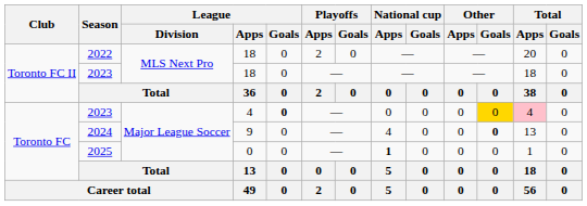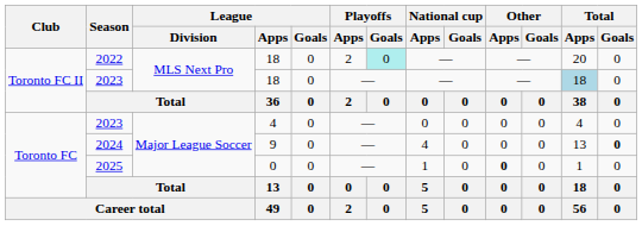 <table class="wikitable" style="text-align: center">
 <tr>
 <th rowspan="2">Club</th>
 <th rowspan="2">Season</th>
 <th colspan="3">League</th>
 <th colspan="2">Playoffs</th>
 <th colspan="2">National cup</th>
 <th colspan="2">Other</th>
 <th colspan="2">Total</th>
 </tr>
 <tr>
 <th>Division</th>
 <th>Apps</th>
 <th>Goals</th>
 <th>Apps</th>
 <th>Goals</th>
 <th>Apps</th>
 <th>Goals</th>
 <th>Apps</th>
 <th>Goals</th>
 <th>Apps</th>
 <th>Goals</th>
 </tr>
 <tr>
 <td rowspan="3"><a href='#'>Toronto FC II</a></td>
 <td><a href='#'>2022</a></td>
 <td rowspan="2"><a href='#'>MLS Next Pro</a></td>
 <td>18</td>
 <td>0</td>
 <td>2</td>
-<td>0</td>
+<td style="background: paleturquoise;">0</td>
 <td colspan="2">—</td>
 <td colspan="2">—</td>
 <td>20</td>
 <td>0</td>
 </tr>
 <tr>
 <td><a href='#'>2023</a></td>
 <td>18</td>
 <td>0</td>
 <td colspan="2">—</td>
 <td colspan="2">—</td>
 <td colspan="2">—</td>
-<td>18</td>
+<td style="background: lightblue;">18</td>
 <td>0</td>
 </tr>
 <tr>
 <th colspan="2">Total</th>
 <th>36</th>
 <th>0</th>
 <th>2</th>
 <th>0</th>
 <th>0</th>
 <th>0</th>
 <th>0</th>
 <th>0</th>
 <th>38</th>
 <th>0</th>
 </tr>
 <tr>
 <td rowspan="4"><a href='#'>Toronto FC</a></td>
 <td><a href='#'>2023</a></td>
 <td rowspan="3"><a href='#'>Major League Soccer</a></td>
 <td>4</td>
-<td><strong>0</strong></td>
+<td>0</td>
 <td colspan="2">—</td>
 <td>0</td>
 <td>0</td>
 <td>0</td>
-<td style="background: gold;">0</td>
-<td style="background: pink;">4</td>
+<td>0</td>
+<td>4</td>
 <td>0</td>
 </tr>
 <tr>
 <td><a href='#'>2024</a></td>
 <td>9</td>
 <td>0</td>
 <td colspan="2">—</td>
 <td>4</td>
 <td>0</td>
 <td>0</td>
+<td>0</td>
+<td>13</td>
 <td><strong>0</strong></td>
-<td>13</td>
-<td>0</td>
 </tr>
 <tr>
 <td><a href='#'>2025</a></td>
 <td>0</td>
 <td>0</td>
 <td colspan="2">—</td>
-<td><strong>1</strong></td>
+<td>1</td>
 <td>0</td>
-<td>0</td>
+<td><strong>0</strong></td>
 <td>0</td>
 <td>1</td>
 <td>0</td>
 </tr>
 <tr>
 <th colspan="2">Total</th>
 <th>13</th>
 <th>0</th>
 <th>0</th>
 <th>0</th>
 <th>5</th>
 <th>0</th>
 <th>0</th>
 <th>0</th>
 <th>18</th>
 <th>0</th>
 </tr>
 <tr>
 <th colspan="3">Career total</th>
 <th>49</th>
 <th>0</th>
 <th>2</th>
 <th>0</th>
 <th>5</th>
 <th>0</th>
 <th>0</th>
 <th>0</th>
 <th>56</th>
 <th>0</th>
 </tr>
 </table>
